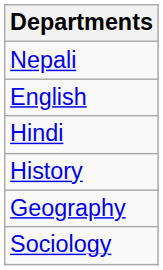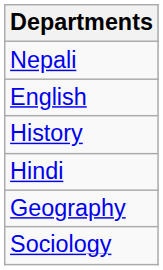 <table class="wikitable sortable">
 <tr>
 <th>Departments</th>
 </tr>
 <tr>
 <td><a href='#'>Nepali</a></td>
 </tr>
 <tr>
 <td><a href='#'>English</a></td>
 </tr>
 <tr>
-<td><a href='#'>Hindi</a></td>
+<td><a href='#'>History</a></td>
 </tr>
 <tr>
-<td><a href='#'>History</a></td>
+<td><a href='#'>Hindi</a></td>
 </tr>
 <tr>
 <td><a href='#'>Geography</a></td>
 </tr>
 <tr>
 <td><a href='#'>Sociology</a></td>
 </tr>
 </table>
